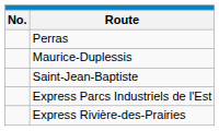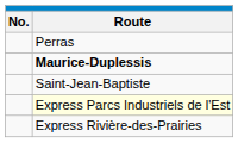 <table align=center class="wikitable">
 <tr>
 <th style="background: #0085CA; font-size:100%; color:#FFFFFF;"colspan="4"><a href='#'></a></th>
 </tr>
 <tr>
 <th>No.</th>
 <th>Route</th>
 </tr>
 <tr>
 <td {{Avoid wrap> </td>
 <td>Perras</td>
 </tr>
 <tr>
 <td {{Avoid wrap> </td>
-<td>Maurice-Duplessis</td>
+<td><strong>Maurice-Duplessis</strong></td>
 </tr>
 <tr>
 <td></td>
 <td>Saint-Jean-Baptiste</td>
 </tr>
 <tr>
 <td></td>
-<td>Express Parcs Industriels de l'Est</td>
+<td style="background: lightyellow;">Express Parcs Industriels de l'Est</td>
 </tr>
 <tr>
 <td></td>
 <td>Express Rivière-des-Prairies</td>
 </tr>
 </table>
